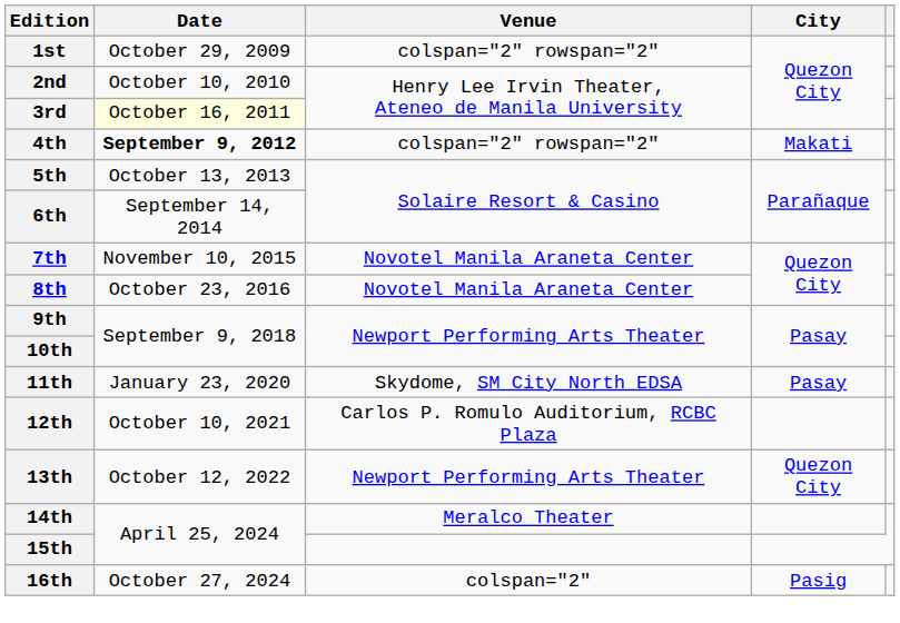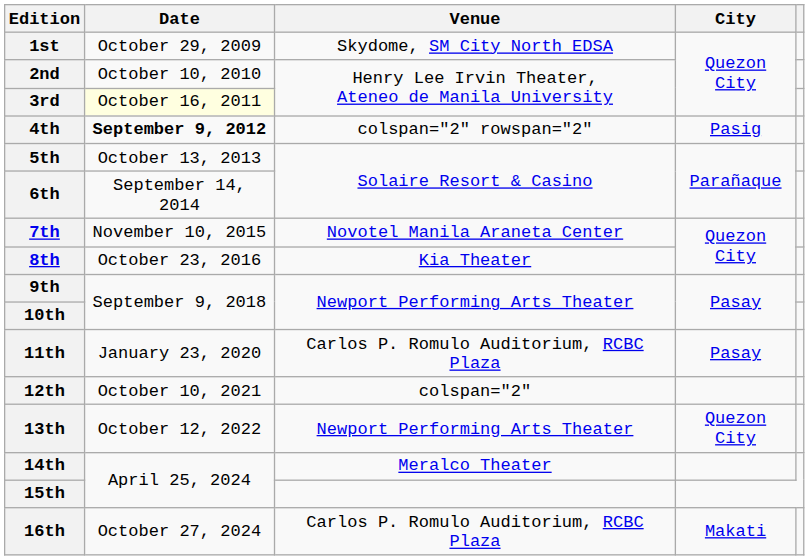 <table class="wikitable plainrowheaders sortable" style="text-align:center;">
 <tr>
 <th>Edition</th>
 <th>Date</th>
 <th>Venue</th>
 <th>City</th>
 <th></th>
 </tr>
 <tr>
 <th scope="row" style="text-align:center;">1st</th>
 <td>October 29, 2009</td>
-<td>colspan="2" rowspan="2" </td>
+<td>Skydome, <a href='#'>SM City North EDSA</a></td>
 <td rowspan="3"><a href='#'>Quezon City</a></td>
 <td></td>
 </tr>
 <tr>
 <th scope="row" style="text-align:center;">2nd</th>
 <td>October 10, 2010</td>
 <td rowspan="2">Henry Lee Irvin Theater,<br><a href='#'>Ateneo de Manila University</a></td>
 <td></td>
 </tr>
 <tr>
 <th scope="row" style="text-align:center;">3rd</th>
 <td style="background: lightyellow;">October 16, 2011</td>
 <td></td>
 </tr>
 <tr>
 <th scope="row" style="text-align:center;">4th</th>
 <td><strong>September 9, 2012</strong></td>
 <td>colspan="2" rowspan="2" </td>
-<td><a href='#'>Makati</a></td>
+<td><a href='#'>Pasig</a></td>
 <td></td>
 </tr>
 <tr>
 <th scope="row" style="text-align:center;">5th</th>
 <td>October 13, 2013</td>
 <td rowspan="2"><a href='#'>Solaire Resort & Casino</a></td>
 <td rowspan="2"><a href='#'>Parañaque</a></td>
 <td></td>
 </tr>
 <tr>
 <th scope="row" style="text-align:center;">6th</th>
 <td>September 14, 2014</td>
 <td></td>
 </tr>
 <tr>
 <th scope="row" style="text-align:center;"><a href='#'>7th</a></th>
 <td>November 10, 2015</td>
 <td><a href='#'>Novotel Manila Araneta Center</a></td>
 <td rowspan="2"><a href='#'>Quezon City</a></td>
 <td></td>
 </tr>
 <tr>
 <th scope="row" style="text-align:center;"><a href='#'>8th</a></th>
 <td>October 23, 2016</td>
-<td><a href='#'>Novotel Manila Araneta Center</a></td>
+<td><a href='#'>Kia Theater</a></td>
 <td></td>
 </tr>
 <tr>
 <th scope="row" style="text-align:center;">9th</th>
 <td rowspan="2">September 9, 2018</td>
 <td rowspan="2"><a href='#'>Newport Performing Arts Theater</a></td>
 <td rowspan="2"><a href='#'>Pasay</a></td>
 <td></td>
 </tr>
 <tr>
 <th scope="row" style="text-align:center;">10th</th>
 <td></td>
 </tr>
 <tr>
 <th scope="row" style="text-align:center;">11th</th>
 <td>January 23, 2020</td>
-<td>Skydome, <a href='#'>SM City North EDSA</a></td>
+<td>Carlos P. Romulo Auditorium, <a href='#'>RCBC Plaza</a></td>
 <td><a href='#'>Pasay</a></td>
 <td></td>
 </tr>
 <tr>
 <th scope="row" style="text-align:center;">12th</th>
 <td>October 10, 2021</td>
-<td>Carlos P. Romulo Auditorium, <a href='#'>RCBC Plaza</a></td>
+<td>colspan="2" </td>
 <td></td>
 </tr>
 <tr>
 <th scope="row" style="text-align:center;">13th</th>
 <td>October 12, 2022</td>
 <td><a href='#'>Newport Performing Arts Theater</a></td>
 <td><a href='#'>Quezon City</a></td>
 <td></td>
 </tr>
 <tr>
 <th scope="row" style="text-align:center;">14th</th>
 <td rowspan="2">April 25, 2024</td>
 <td><a href='#'>Meralco Theater</a></td>
 <td></td>
 </tr>
 <tr>
 <th scope="row" style="text-align:center;">15th</th>
 <td></td>
 </tr>
 <tr>
 <th scope="row" style="text-align:center;">16th</th>
 <td>October 27, 2024</td>
-<td>colspan="2" </td>
-<td><a href='#'>Pasig</a></td>
+<td>Carlos P. Romulo Auditorium, <a href='#'>RCBC Plaza</a></td>
+<td><a href='#'>Makati</a></td>
 <td></td>
 </tr>
 </table>
